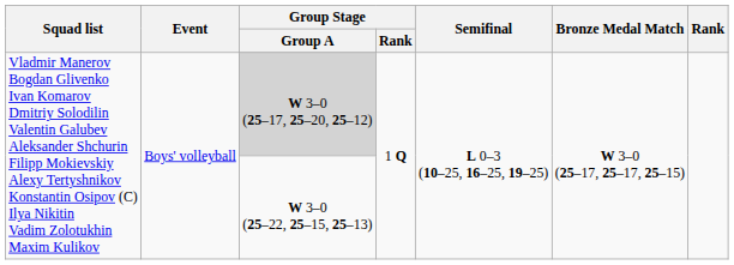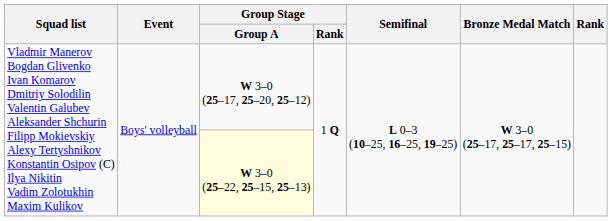 <table class=wikitable style="font-size:90%">
 <tr>
 <th rowspan=2>Squad list</th>
 <th rowspan=2>Event</th>
 <th colspan=2>Group Stage</th>
 <th rowspan=2>Semifinal</th>
 <th rowspan=2>Bronze Medal Match</th>
 <th rowspan=2>Rank</th>
 </tr>
 <tr>
 <th>Group A</th>
 <th>Rank</th>
 </tr>
 <tr>
 <td rowspan=2><a href='#'>Vladmir Manerov</a><br><a href='#'>Bogdan Glivenko</a><br><a href='#'>Ivan Komarov</a><br><a href='#'>Dmitriy Solodilin</a><br><a href='#'>Valentin Galubev</a><br><a href='#'>Aleksander Shchurin</a><br><a href='#'>Filipp Mokievskiy</a><br><a href='#'>Alexy Tertyshnikov</a><br><a href='#'>Konstantin Osipov</a> (C)<br><a href='#'>Ilya Nikitin</a><br><a href='#'>Vadim Zolotukhin</a><br><a href='#'>Maxim Kulikov</a></td>
 <td rowspan=2><a href='#'>Boys' volleyball</a></td>
-<td align=center style="background: lightgrey;"><br> <strong>W</strong> 3–0<br> (<strong>25</strong>–17, <strong>25</strong>–20, <strong>25</strong>–12)</td>
+<td align=center><br> <strong>W</strong> 3–0<br> (<strong>25</strong>–17, <strong>25</strong>–20, <strong>25</strong>–12)</td>
 <td rowspan=2 align=center>1 <strong>Q</strong></td>
 <td rowspan=2 align=center><br> <strong>L</strong> 0–3<br> (<strong>10</strong>–25, <strong>16</strong>–25, <strong>19</strong>–25)</td>
 <td rowspan=2 align=center><br> <strong>W</strong> 3–0<br> (<strong>25</strong>–17, <strong>25</strong>–17, <strong>25</strong>–15)</td>
 <td rowspan=2 align=center></td>
 </tr>
 <tr>
-<td align=center><br> <strong>W</strong> 3–0<br> (<strong>25</strong>–22, <strong>25</strong>–15, <strong>25</strong>–13)</td>
+<td align=center style="background: lightyellow;"><br> <strong>W</strong> 3–0<br> (<strong>25</strong>–22, <strong>25</strong>–15, <strong>25</strong>–13)</td>
 </tr>
 </table>
